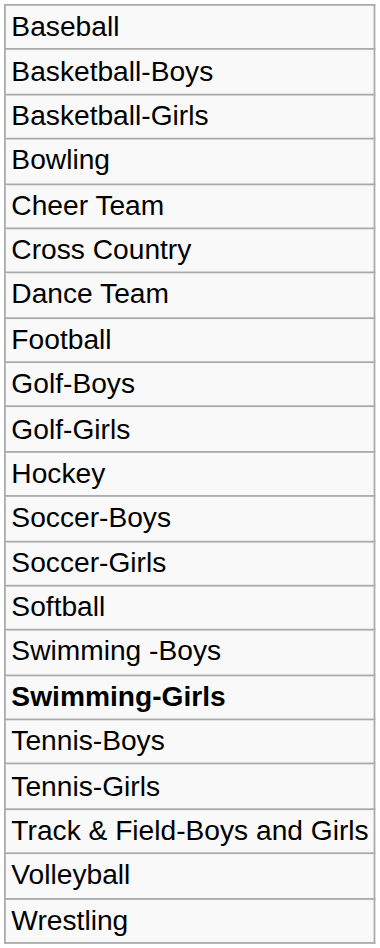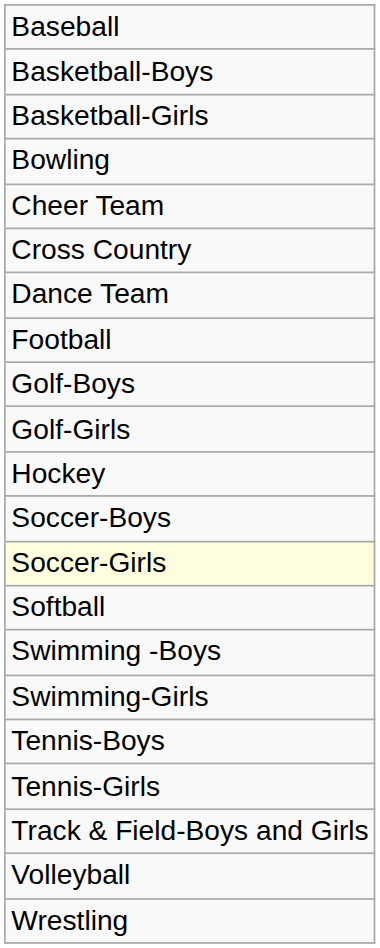 <table class="wikitable">
 <tr>
 <td>Baseball</td>
 </tr>
 <tr>
 <td>Basketball-Boys</td>
 </tr>
 <tr>
 <td>Basketball-Girls</td>
 </tr>
 <tr>
 <td>Bowling</td>
 </tr>
 <tr>
 <td>Cheer Team</td>
 </tr>
 <tr>
 <td>Cross Country</td>
 </tr>
 <tr>
 <td>Dance Team</td>
 </tr>
 <tr>
 <td>Football</td>
 </tr>
 <tr>
 <td>Golf-Boys</td>
 </tr>
 <tr>
 <td>Golf-Girls</td>
 </tr>
 <tr>
 <td>Hockey</td>
 </tr>
 <tr>
 <td>Soccer-Boys</td>
 </tr>
 <tr>
-<td>Soccer-Girls</td>
+<td style="background: lightyellow;">Soccer-Girls</td>
 </tr>
 <tr>
 <td>Softball</td>
 </tr>
 <tr>
 <td>Swimming -Boys</td>
 </tr>
 <tr>
-<td><strong>Swimming-Girls</strong></td>
+<td>Swimming-Girls</td>
 </tr>
 <tr>
 <td>Tennis-Boys</td>
 </tr>
 <tr>
 <td>Tennis-Girls</td>
 </tr>
 <tr>
 <td>Track & Field-Boys and Girls</td>
 </tr>
 <tr>
 <td>Volleyball</td>
 </tr>
 <tr>
 <td>Wrestling</td>
 </tr>
 </table>
